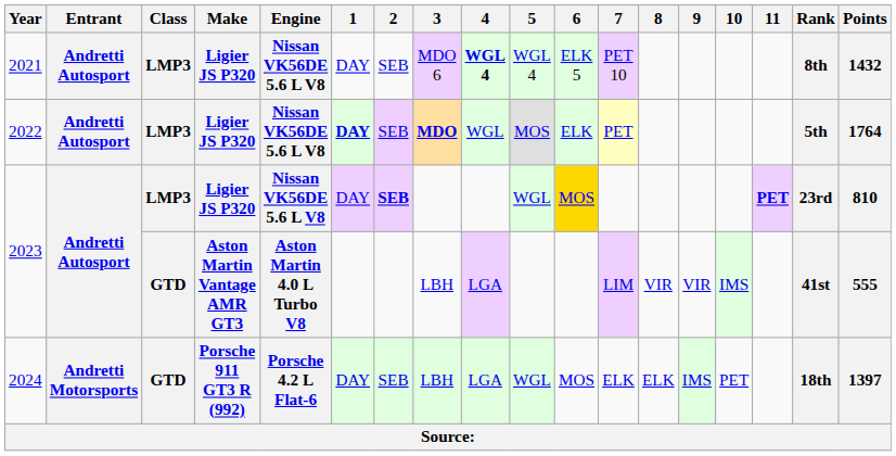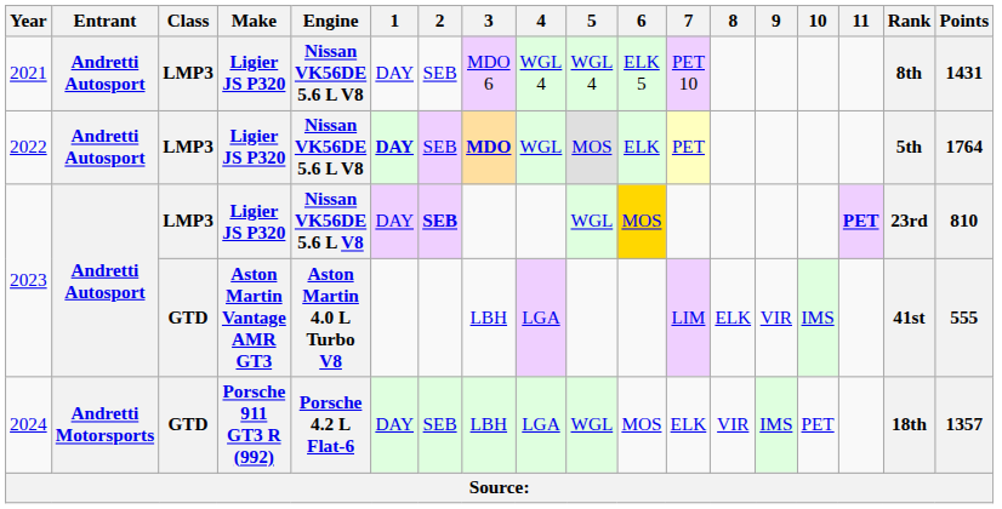 <table class="wikitable" style="text-align:center; font-size:90%">
 <tr>
 <th>Year</th>
 <th>Entrant</th>
 <th>Class</th>
 <th>Make</th>
 <th>Engine</th>
 <th>1</th>
 <th>2</th>
 <th>3</th>
 <th>4</th>
 <th>5</th>
 <th>6</th>
 <th>7</th>
 <th>8</th>
 <th>9</th>
 <th>10</th>
 <th>11</th>
 <th>Rank</th>
 <th>Points</th>
 </tr>
 <tr>
 <td><a href='#'>2021</a></td>
 <th><a href='#'>Andretti Autosport</a></th>
 <th>LMP3</th>
 <th><a href='#'>Ligier JS P320</a></th>
 <th><a href='#'>Nissan VK56DE</a> 5.6 L V8</th>
 <td style="background:#;”"><a href='#'>DAY</a><br></td>
 <td><a href='#'>SEB</a><br></td>
 <td style="background:#EFCFFF;"><a href='#'>MDO</a><br>6</td>
-<td style="background:#DFFFDF;"><strong><a href='#'>WGL</a><br>4</strong></td>
+<td style="background:#DFFFDF;"><a href='#'>WGL</a><br>4</td>
 <td style="background:#DFFFDF;"><a href='#'>WGL</a><br>4</td>
 <td style="background:#DFFFDF;"><a href='#'>ELK</a><br>5</td>
 <td style="background:#EFCFFF;"><a href='#'>PET</a><br>10</td>
 <td></td>
 <td></td>
 <td></td>
 <td></td>
 <th>8th</th>
-<th>1432</th>
+<th>1431</th>
 </tr>
 <tr>
 <td><a href='#'>2022</a></td>
 <th><a href='#'>Andretti Autosport</a></th>
 <th>LMP3</th>
 <th><a href='#'>Ligier JS P320</a></th>
 <th><a href='#'>Nissan VK56DE</a> 5.6 L V8</th>
 <td style="background:#DFFFDF;"><strong><a href='#'>DAY</a></strong><br></td>
 <td style="background:#EFCFFF;"><a href='#'>SEB</a><br></td>
 <td style="background:#FFDF9F;"><strong><a href='#'>MDO</a></strong><br></td>
 <td style="background:#DFFFDF;"><a href='#'>WGL</a><br></td>
 <td style="background:#DFDFDF;"><a href='#'>MOS</a><br></td>
 <td style="background:#DFFFDF;"><a href='#'>ELK</a><br> </td>
 <td style="background:#FFFFBF;"><a href='#'>PET</a><br> </td>
 <td></td>
 <td></td>
 <td></td>
 <td></td>
 <th>5th</th>
 <th>1764</th>
 </tr>
 <tr>
 <td rowspan=2><a href='#'>2023</a></td>
 <th rowspan=2><a href='#'>Andretti Autosport</a></th>
 <th>LMP3</th>
 <th><a href='#'>Ligier JS P320</a></th>
 <th><a href='#'>Nissan VK56DE</a> 5.6 L <a href='#'>V8</a></th>
 <td style="background:#EFCFFF;"><a href='#'>DAY</a><br></td>
 <td style="background:#EFCFFF;"><strong><a href='#'>SEB</a></strong><br></td>
 <td></td>
 <td></td>
 <td style="background:#DFFFDF;"><a href='#'>WGL</a><br></td>
 <td style="background: gold;"><a href='#'>MOS</a></td>
 <td></td>
 <td></td>
 <td></td>
 <td></td>
 <td style="background:#EFCFFF;"><strong><a href='#'>PET</a></strong><br></td>
 <th>23rd</th>
 <th>810</th>
 </tr>
 <tr>
 <th>GTD</th>
 <th><a href='#'>Aston Martin Vantage AMR GT3</a></th>
 <th><a href='#'>Aston Martin</a> 4.0 L Turbo <a href='#'>V8</a></th>
 <td></td>
 <td></td>
 <td><a href='#'>LBH</a></td>
 <td style="background:#EFCFFF;"><a href='#'>LGA</a><br></td>
 <td></td>
 <td></td>
 <td style="background:#EFCFFF;"><a href='#'>LIM</a><br></td>
-<td><a href='#'>VIR</a></td>
+<td><a href='#'>ELK</a></td>
 <td><a href='#'>VIR</a></td>
 <td style="background:#DFFFDF;"><a href='#'>IMS</a><br></td>
 <td></td>
 <th>41st</th>
 <th>555</th>
 </tr>
 <tr>
 <td><a href='#'>2024</a></td>
 <th><a href='#'>Andretti Motorsports</a></th>
 <th>GTD</th>
 <th><a href='#'>Porsche 911 GT3 R (992)</a></th>
 <th><a href='#'>Porsche</a> 4.2 L <a href='#'>Flat-6</a></th>
 <td style="background:#DFFFDF;"><a href='#'>DAY</a><br></td>
 <td style="background:#DFFFDF;"><a href='#'>SEB</a><br></td>
 <td style="background:#DFFFDF;"><a href='#'>LBH</a><br></td>
 <td style="background:#DFFFDF;"><a href='#'>LGA</a><br></td>
 <td style="background:#DFFFDF;"><a href='#'>WGL</a><br></td>
 <td><a href='#'>MOS</a></td>
 <td><a href='#'>ELK</a></td>
-<td><a href='#'>ELK</a></td>
+<td><a href='#'>VIR</a></td>
 <td style="background:#DFFFDF;"><a href='#'>IMS</a><br></td>
 <td><a href='#'>PET</a></td>
 <td></td>
 <th>18th</th>
-<th>1397</th>
+<th>1357</th>
 </tr>
 <tr>
 <th colspan="18">Source:</th>
 </tr>
 </table>
